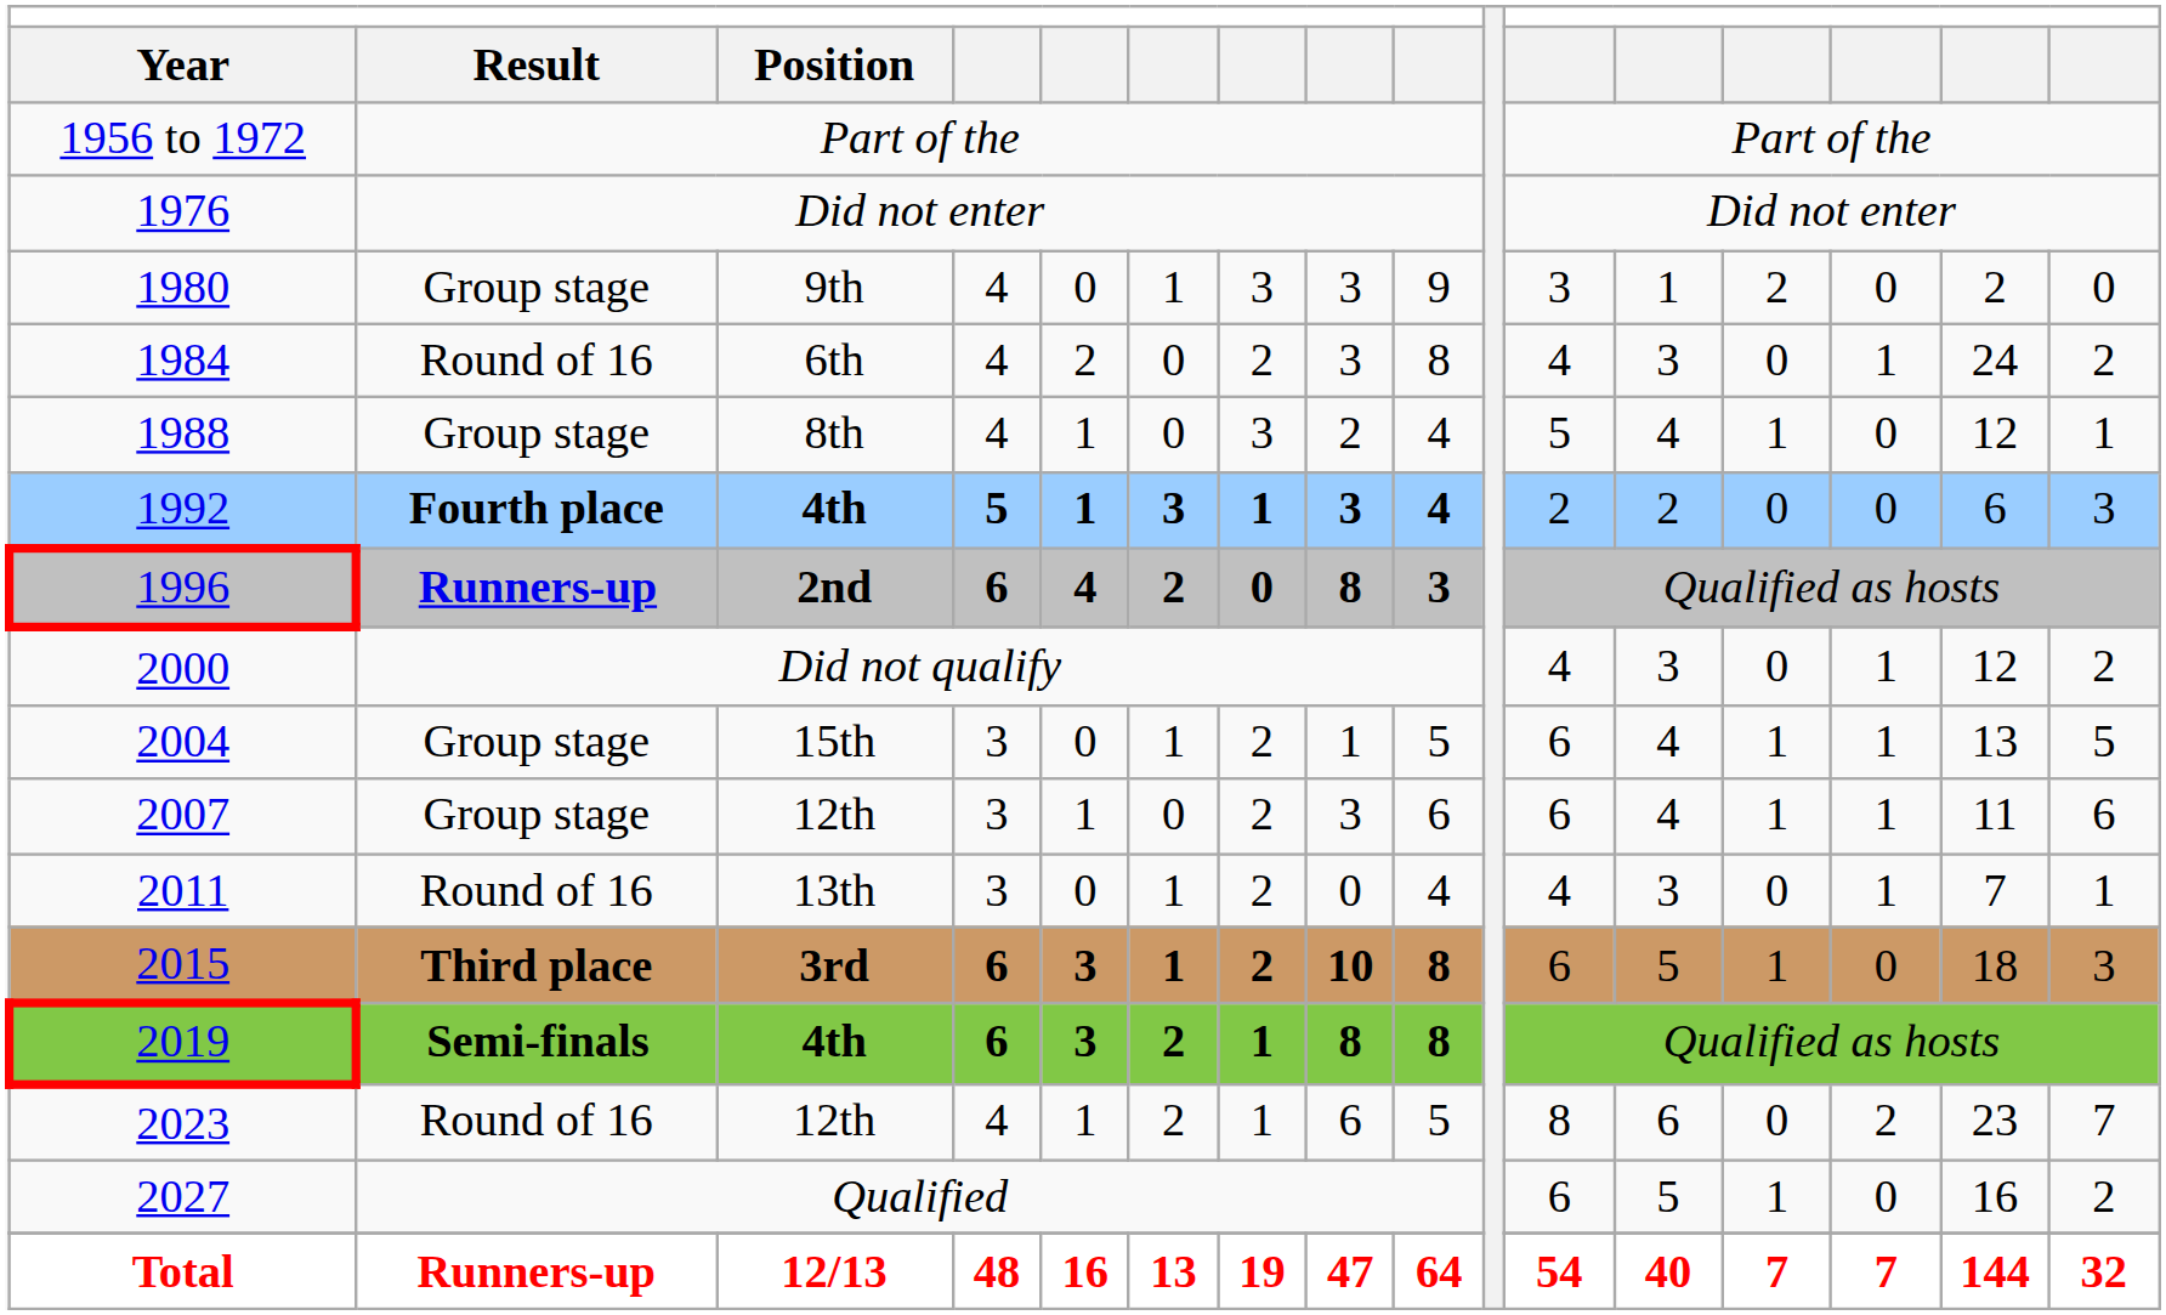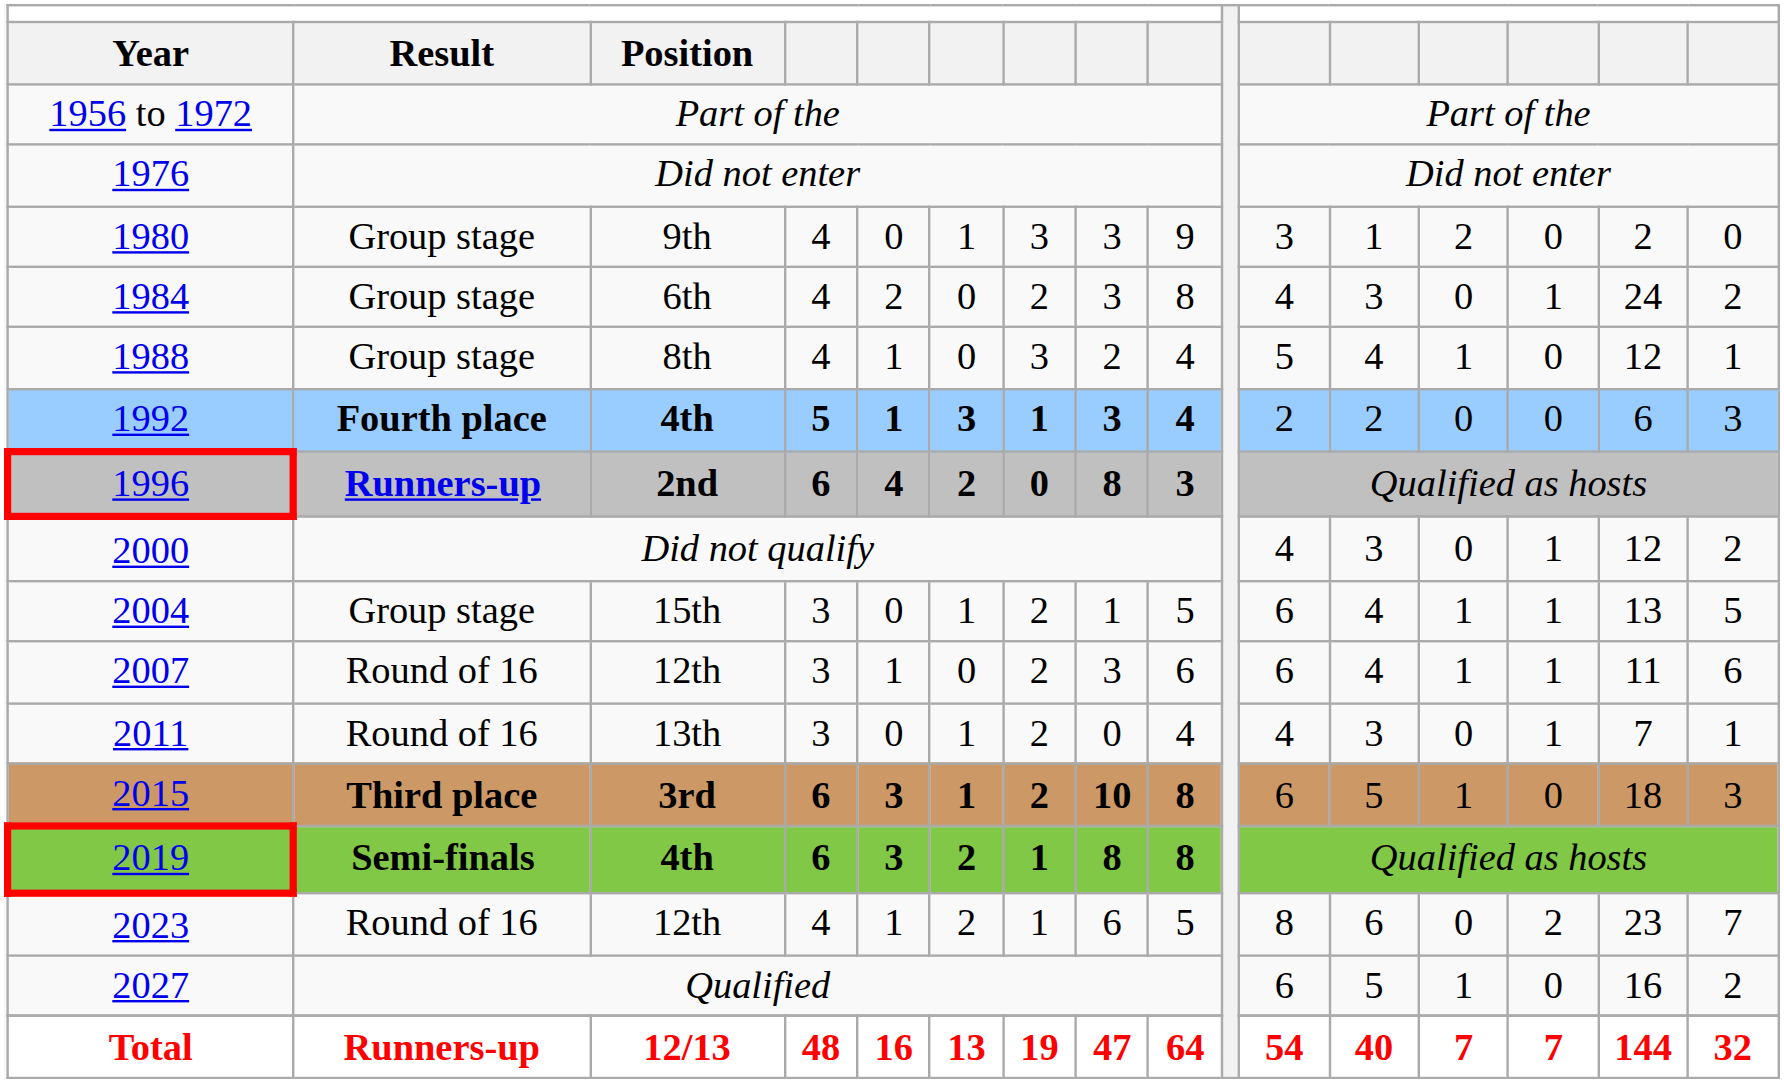 <table class="wikitable" style="text-align: center">
 <tr>
 <th colspan="9" style="background:#ffffff;"><a href='#'></a> </th>
 <th rowspan="21" style="width:1%;"></th>
 <th colspan="6" style="background: #ffffff;"><a href='#'></a> </th>
 </tr>
 <tr>
 <th>Year</th>
 <th>Result</th>
 <th>Position</th>
 <th></th>
 <th></th>
 <th></th>
 <th></th>
 <th></th>
 <th></th>
 <th width=30></th>
 <th width=30></th>
 <th width=30></th>
 <th width=30></th>
 <th width=30></th>
 <th width=30></th>
 </tr>
 <tr>
 <td> <a href='#'>1956</a> to  <a href='#'>1972</a></td>
 <td colspan="8"><em>Part of the </em></td>
 <td colspan="6"><em>Part of the </em></td>
 </tr>
 <tr>
 <td> <a href='#'>1976</a></td>
 <td colspan="8"><em>Did not enter</em></td>
 <td colspan="6"><em>Did not enter</em></td>
 </tr>
 <tr>
 <td> <a href='#'>1980</a></td>
 <td>Group stage</td>
 <td>9th</td>
 <td>4</td>
 <td>0</td>
 <td>1</td>
 <td>3</td>
 <td>3</td>
 <td>9</td>
 <td>3</td>
 <td>1</td>
 <td>2</td>
 <td>0</td>
 <td>2</td>
 <td>0</td>
 </tr>
 <tr>
 <td align=center> <a href='#'>1984</a></td>
-<td>Round of 16</td>
+<td>Group stage</td>
 <td>6th</td>
 <td>4</td>
 <td>2</td>
 <td>0</td>
 <td>2</td>
 <td>3</td>
 <td>8</td>
 <td>4</td>
 <td>3</td>
 <td>0</td>
 <td>1</td>
 <td>24</td>
 <td>2</td>
 </tr>
 <tr>
 <td> <a href='#'>1988</a></td>
 <td>Group stage</td>
 <td>8th</td>
 <td>4</td>
 <td>1</td>
 <td>0</td>
 <td>3</td>
 <td>2</td>
 <td>4</td>
 <td>5</td>
 <td>4</td>
 <td>1</td>
 <td>0</td>
 <td>12</td>
 <td>1</td>
 </tr>
 <tr style="background:#9acdff;">
 <td align=center> <a href='#'>1992</a></td>
 <td><strong>Fourth place</strong></td>
 <td><strong>4th</strong></td>
 <td><strong>5</strong></td>
 <td><strong>1</strong></td>
 <td><strong>3</strong></td>
 <td><strong>1</strong></td>
 <td><strong>3</strong></td>
 <td><strong>4</strong></td>
 <td>2</td>
 <td>2</td>
 <td>0</td>
 <td>0</td>
 <td>6</td>
 <td>3</td>
 </tr>
 <tr bgcolor=Silver>
 <td style="border: 3px solid red"> <a href='#'>1996</a></td>
 <td><strong><a href='#'>Runners-up</a></strong></td>
 <td><strong>2nd</strong></td>
 <td><strong>6</strong></td>
 <td><strong>4</strong></td>
 <td><strong>2</strong></td>
 <td><strong>0</strong></td>
 <td><strong>8</strong></td>
 <td><strong>3</strong></td>
 <td colspan=6><em>Qualified as hosts</em></td>
 </tr>
 <tr>
 <td> <a href='#'>2000</a></td>
 <td colspan=8><em>Did not qualify</em></td>
 <td>4</td>
 <td>3</td>
 <td>0</td>
 <td>1</td>
 <td>12</td>
 <td>2</td>
 </tr>
 <tr>
 <td> <a href='#'>2004</a></td>
 <td>Group stage</td>
 <td>15th</td>
 <td>3</td>
 <td>0</td>
 <td>1</td>
 <td>2</td>
 <td>1</td>
 <td>5</td>
 <td>6</td>
 <td>4</td>
 <td>1</td>
 <td>1</td>
 <td>13</td>
 <td>5</td>
 </tr>
 <tr>
 <td>    <a href='#'>2007</a></td>
-<td>Group stage</td>
+<td>Round of 16</td>
 <td>12th</td>
 <td>3</td>
 <td>1</td>
 <td>0</td>
 <td>2</td>
 <td>3</td>
 <td>6</td>
 <td>6</td>
 <td>4</td>
 <td>1</td>
 <td>1</td>
 <td>11</td>
 <td>6</td>
 </tr>
 <tr>
 <td> <a href='#'>2011</a></td>
 <td>Round of 16</td>
 <td>13th</td>
 <td>3</td>
 <td>0</td>
 <td>1</td>
 <td>2</td>
 <td>0</td>
 <td>4</td>
 <td>4</td>
 <td>3</td>
 <td>0</td>
 <td>1</td>
 <td>7</td>
 <td>1</td>
 </tr>
 <tr bgcolor="#cc9966">
 <td> <a href='#'>2015</a></td>
 <td><strong>Third place</strong></td>
 <td><strong>3rd</strong></td>
 <td><strong>6</strong></td>
 <td><strong>3</strong></td>
 <td><strong>1</strong></td>
 <td><strong>2</strong></td>
 <td><strong>10</strong></td>
 <td><strong>8</strong></td>
 <td>6</td>
 <td>5</td>
 <td>1</td>
 <td>0</td>
 <td>18</td>
 <td>3</td>
 </tr>
 <tr bgcolor="#81c846">
 <td style="border: 3px solid red"> <a href='#'>2019</a></td>
 <td><strong>Semi-finals</strong></td>
 <td><strong>4th</strong></td>
 <td><strong>6</strong></td>
 <td><strong>3</strong></td>
 <td><strong>2</strong></td>
 <td><strong>1</strong></td>
 <td><strong>8</strong></td>
 <td><strong>8</strong></td>
 <td colspan=6><em>Qualified as hosts</em></td>
 </tr>
 <tr>
 <td> <a href='#'>2023</a></td>
 <td>Round of 16</td>
 <td>12th</td>
 <td>4</td>
 <td>1</td>
 <td>2</td>
 <td>1</td>
 <td>6</td>
 <td>5</td>
 <td>8</td>
 <td>6</td>
 <td>0</td>
 <td>2</td>
 <td>23</td>
 <td>7</td>
 </tr>
 <tr>
 <td> <a href='#'>2027</a></td>
 <td align="center" colspan=8><em>Qualified</em></td>
 <td>6</td>
 <td>5</td>
 <td>1</td>
 <td>0</td>
 <td>16</td>
 <td>2</td>
 </tr>
 <tr>
 </tr>
 <tr style="color:red;">
 <th style="background:#ffffff;">Total</th>
 <th style="background:#ffffff;">Runners-up</th>
 <th style="background:#ffffff;">12/13</th>
 <th style="background:#ffffff;">48</th>
 <th style="background:#ffffff;">16</th>
 <th style="background:#ffffff;">13</th>
 <th style="background:#ffffff;">19</th>
 <th style="background:#ffffff;">47</th>
 <th style="background:#ffffff;">64</th>
 <th style="background:#ffffff;">54</th>
 <th style="background:#ffffff;">40</th>
 <th style="background:#ffffff;">7</th>
 <th style="background:#ffffff;">7</th>
 <th style="background:#ffffff;">144</th>
 <th style="background:#ffffff;">32</th>
 </tr>
 </table>
